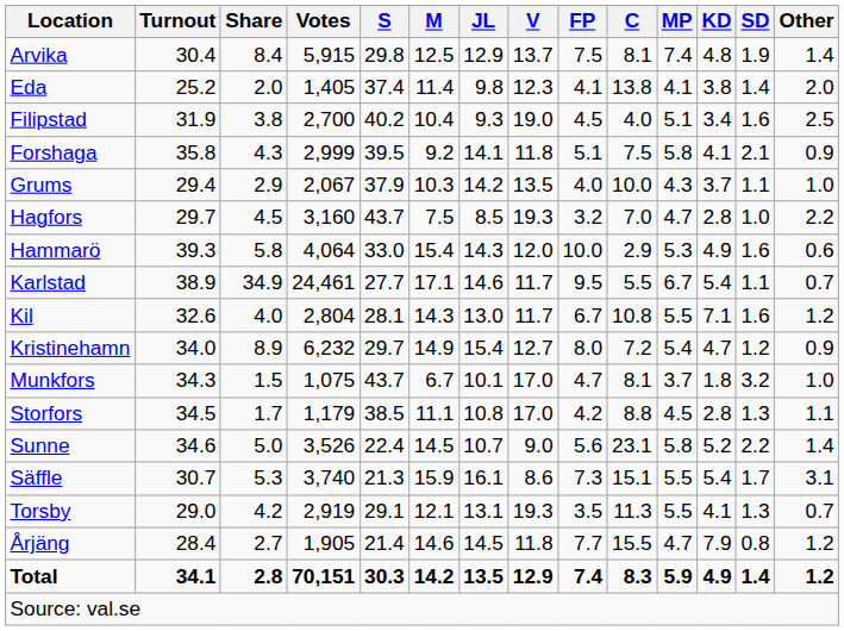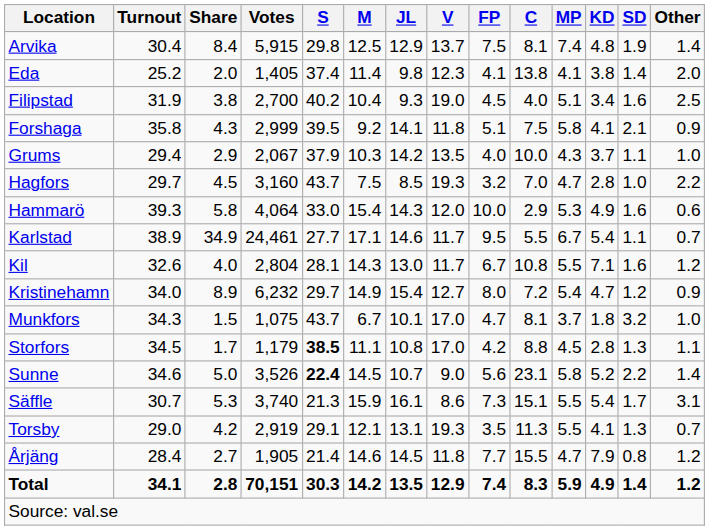 <table class="wikitable sortable" style=text-align:right>
 <tr>
 <th>Location</th>
 <th>Turnout</th>
 <th>Share</th>
 <th>Votes</th>
 <th><a href='#'>S</a></th>
 <th><a href='#'>M</a></th>
 <th><a href='#'>JL</a></th>
 <th><a href='#'>V</a></th>
 <th><a href='#'>FP</a></th>
 <th><a href='#'>C</a></th>
 <th><a href='#'>MP</a></th>
 <th><a href='#'>KD</a></th>
 <th><a href='#'>SD</a></th>
 <th>Other</th>
 </tr>
 <tr>
 <td align=left><a href='#'>Arvika</a></td>
 <td>30.4</td>
 <td>8.4</td>
 <td>5,915</td>
 <td>29.8</td>
 <td>12.5</td>
 <td>12.9</td>
 <td>13.7</td>
 <td>7.5</td>
 <td>8.1</td>
 <td>7.4</td>
 <td>4.8</td>
 <td>1.9</td>
 <td>1.4</td>
 </tr>
 <tr>
 <td align=left><a href='#'>Eda</a></td>
 <td>25.2</td>
 <td>2.0</td>
 <td>1,405</td>
 <td>37.4</td>
 <td>11.4</td>
 <td>9.8</td>
 <td>12.3</td>
 <td>4.1</td>
 <td>13.8</td>
 <td>4.1</td>
 <td>3.8</td>
 <td>1.4</td>
 <td>2.0</td>
 </tr>
 <tr>
 <td align=left><a href='#'>Filipstad</a></td>
 <td>31.9</td>
 <td>3.8</td>
 <td>2,700</td>
 <td>40.2</td>
 <td>10.4</td>
 <td>9.3</td>
 <td>19.0</td>
 <td>4.5</td>
 <td>4.0</td>
 <td>5.1</td>
 <td>3.4</td>
 <td>1.6</td>
 <td>2.5</td>
 </tr>
 <tr>
 <td align=left><a href='#'>Forshaga</a></td>
 <td>35.8</td>
 <td>4.3</td>
 <td>2,999</td>
 <td>39.5</td>
 <td>9.2</td>
 <td>14.1</td>
 <td>11.8</td>
 <td>5.1</td>
 <td>7.5</td>
 <td>5.8</td>
 <td>4.1</td>
 <td>2.1</td>
 <td>0.9</td>
 </tr>
 <tr>
 <td align=left><a href='#'>Grums</a></td>
 <td>29.4</td>
 <td>2.9</td>
 <td>2,067</td>
 <td>37.9</td>
 <td>10.3</td>
 <td>14.2</td>
 <td>13.5</td>
 <td>4.0</td>
 <td>10.0</td>
 <td>4.3</td>
 <td>3.7</td>
 <td>1.1</td>
 <td>1.0</td>
 </tr>
 <tr>
 <td align=left><a href='#'>Hagfors</a></td>
 <td>29.7</td>
 <td>4.5</td>
 <td>3,160</td>
 <td>43.7</td>
 <td>7.5</td>
 <td>8.5</td>
 <td>19.3</td>
 <td>3.2</td>
 <td>7.0</td>
 <td>4.7</td>
 <td>2.8</td>
 <td>1.0</td>
 <td>2.2</td>
 </tr>
 <tr>
 <td align=left><a href='#'>Hammarö</a></td>
 <td>39.3</td>
 <td>5.8</td>
 <td>4,064</td>
 <td>33.0</td>
 <td>15.4</td>
 <td>14.3</td>
 <td>12.0</td>
 <td>10.0</td>
 <td>2.9</td>
 <td>5.3</td>
 <td>4.9</td>
 <td>1.6</td>
 <td>0.6</td>
 </tr>
 <tr>
 <td align=left><a href='#'>Karlstad</a></td>
 <td>38.9</td>
 <td>34.9</td>
 <td>24,461</td>
 <td>27.7</td>
 <td>17.1</td>
 <td>14.6</td>
 <td>11.7</td>
 <td>9.5</td>
 <td>5.5</td>
 <td>6.7</td>
 <td>5.4</td>
 <td>1.1</td>
 <td>0.7</td>
 </tr>
 <tr>
 <td align=left><a href='#'>Kil</a></td>
 <td>32.6</td>
 <td>4.0</td>
 <td>2,804</td>
 <td>28.1</td>
 <td>14.3</td>
 <td>13.0</td>
 <td>11.7</td>
 <td>6.7</td>
 <td>10.8</td>
 <td>5.5</td>
 <td>7.1</td>
 <td>1.6</td>
 <td>1.2</td>
 </tr>
 <tr>
 <td align=left><a href='#'>Kristinehamn</a></td>
 <td>34.0</td>
 <td>8.9</td>
 <td>6,232</td>
 <td>29.7</td>
 <td>14.9</td>
 <td>15.4</td>
 <td>12.7</td>
 <td>8.0</td>
 <td>7.2</td>
 <td>5.4</td>
 <td>4.7</td>
 <td>1.2</td>
 <td>0.9</td>
 </tr>
 <tr>
 <td align=left><a href='#'>Munkfors</a></td>
 <td>34.3</td>
 <td>1.5</td>
 <td>1,075</td>
 <td>43.7</td>
 <td>6.7</td>
 <td>10.1</td>
 <td>17.0</td>
 <td>4.7</td>
 <td>8.1</td>
 <td>3.7</td>
 <td>1.8</td>
 <td>3.2</td>
 <td>1.0</td>
 </tr>
 <tr>
 <td align=left><a href='#'>Storfors</a></td>
 <td>34.5</td>
 <td>1.7</td>
 <td>1,179</td>
-<td>38.5</td>
+<td><strong>38.5</strong></td>
 <td>11.1</td>
 <td>10.8</td>
 <td>17.0</td>
 <td>4.2</td>
 <td>8.8</td>
 <td>4.5</td>
 <td>2.8</td>
 <td>1.3</td>
 <td>1.1</td>
 </tr>
 <tr>
 <td align=left><a href='#'>Sunne</a></td>
 <td>34.6</td>
 <td>5.0</td>
 <td>3,526</td>
-<td>22.4</td>
+<td><strong>22.4</strong></td>
 <td>14.5</td>
 <td>10.7</td>
 <td>9.0</td>
 <td>5.6</td>
 <td>23.1</td>
 <td>5.8</td>
 <td>5.2</td>
 <td>2.2</td>
 <td>1.4</td>
 </tr>
 <tr>
 <td align=left><a href='#'>Säffle</a></td>
 <td>30.7</td>
 <td>5.3</td>
 <td>3,740</td>
 <td>21.3</td>
 <td>15.9</td>
 <td>16.1</td>
 <td>8.6</td>
 <td>7.3</td>
 <td>15.1</td>
 <td>5.5</td>
 <td>5.4</td>
 <td>1.7</td>
 <td>3.1</td>
 </tr>
 <tr>
 <td align=left><a href='#'>Torsby</a></td>
 <td>29.0</td>
 <td>4.2</td>
 <td>2,919</td>
 <td>29.1</td>
 <td>12.1</td>
 <td>13.1</td>
 <td>19.3</td>
 <td>3.5</td>
 <td>11.3</td>
 <td>5.5</td>
 <td>4.1</td>
 <td>1.3</td>
 <td>0.7</td>
 </tr>
 <tr>
 <td align=left><a href='#'>Årjäng</a></td>
 <td>28.4</td>
 <td>2.7</td>
 <td>1,905</td>
 <td>21.4</td>
 <td>14.6</td>
 <td>14.5</td>
 <td>11.8</td>
 <td>7.7</td>
 <td>15.5</td>
 <td>4.7</td>
 <td>7.9</td>
 <td>0.8</td>
 <td>1.2</td>
 </tr>
 <tr>
 <td align=left><strong>Total</strong></td>
 <td><strong>34.1</strong></td>
 <td><strong>2.8</strong></td>
 <td><strong>70,151</strong></td>
 <td><strong>30.3</strong></td>
 <td><strong>14.2</strong></td>
 <td><strong>13.5</strong></td>
 <td><strong>12.9</strong></td>
 <td><strong>7.4</strong></td>
 <td><strong>8.3</strong></td>
 <td><strong>5.9</strong></td>
 <td><strong>4.9</strong></td>
 <td><strong>1.4</strong></td>
 <td><strong>1.2</strong></td>
 </tr>
 <tr>
 <td align=left colspan=14>Source: val.se </td>
 </tr>
 </table>
